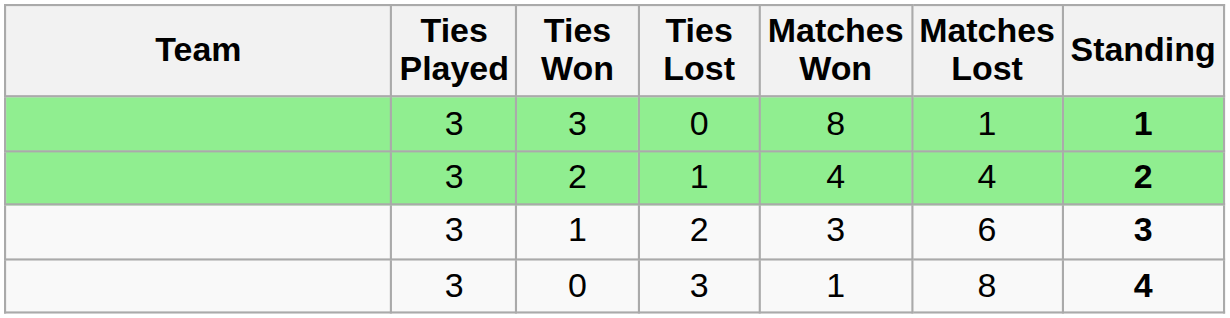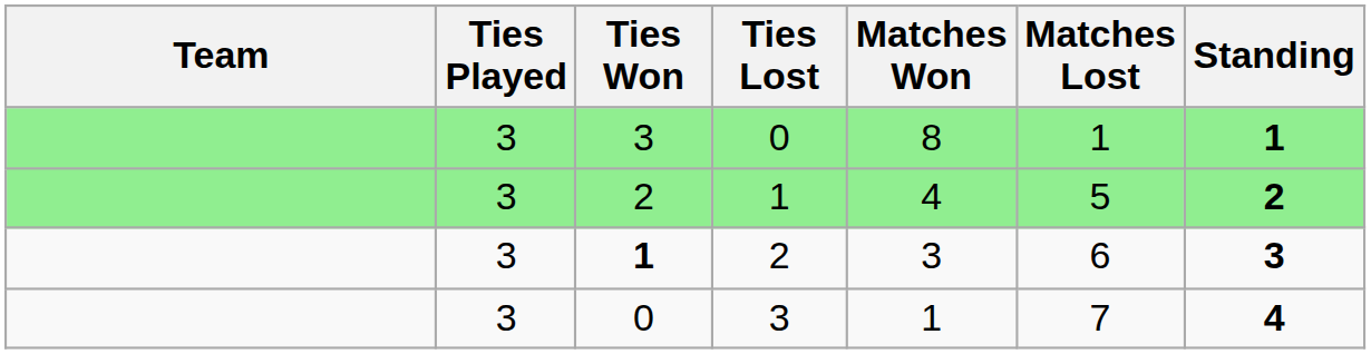 <table class=wikitable style="text-align:center">
 <tr>
 <th width=175>Team</th>
 <th width=50>Ties Played</th>
 <th width=50>Ties Won</th>
 <th width=50>Ties Lost</th>
 <th width=50>Matches Won</th>
 <th width=50>Matches Lost</th>
 <th width=50>Standing</th>
 </tr>
 <tr bgcolor=lightgreen>
 <td style="text-align:left"></td>
 <td>3</td>
 <td>3</td>
 <td>0</td>
 <td>8</td>
 <td>1</td>
 <td><strong>1</strong></td>
 </tr>
 <tr bgcolor=lightgreen>
 <td style="text-align:left"></td>
 <td>3</td>
 <td>2</td>
 <td>1</td>
 <td>4</td>
-<td>4</td>
+<td>5</td>
 <td><strong>2</strong></td>
 </tr>
 <tr>
 <td style="text-align:left"></td>
 <td>3</td>
-<td>1</td>
+<td><strong>1</strong></td>
 <td>2</td>
 <td>3</td>
 <td>6</td>
 <td><strong>3</strong></td>
 </tr>
 <tr>
 <td style="text-align:left"></td>
 <td>3</td>
 <td>0</td>
 <td>3</td>
 <td>1</td>
-<td>8</td>
+<td>7</td>
 <td><strong>4</strong></td>
 </tr>
 </table>
